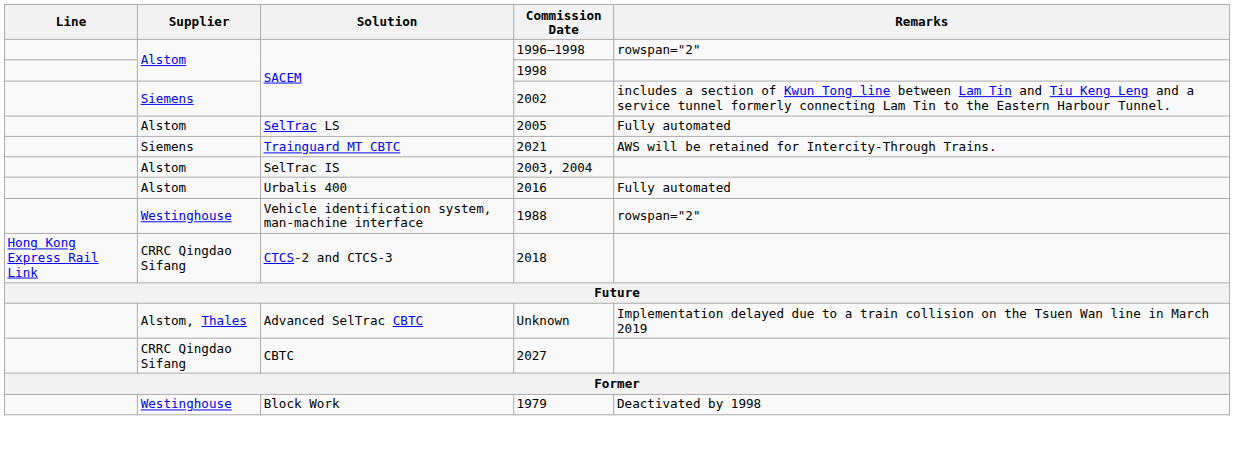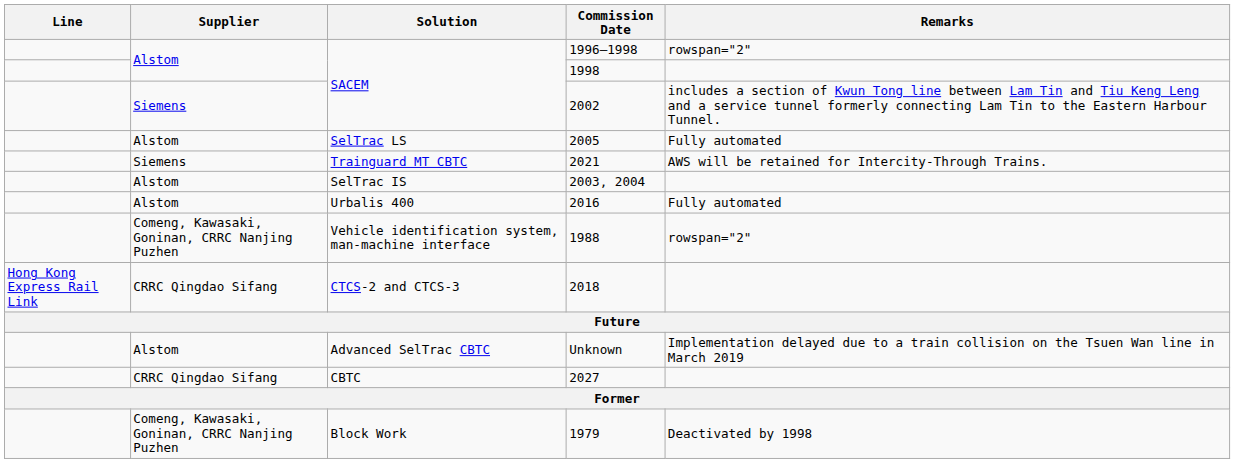 <table class="wikitable sortable" style="width:100%">
 <tr>
 <th>Line</th>
 <th>Supplier</th>
 <th>Solution</th>
 <th>Commission Date</th>
 <th>Remarks</th>
 </tr>
 <tr>
 <td>  </td>
 <td rowspan="2"><a href='#'>Alstom</a></td>
 <td rowspan="3"><a href='#'>SACEM</a></td>
 <td>1996–1998</td>
 <td>rowspan="2" </td>
 </tr>
 <tr>
 <td> </td>
 <td>1998</td>
 </tr>
 <tr>
 <td></td>
 <td><a href='#'>Siemens</a></td>
 <td>2002</td>
 <td>includes a section of <a href='#'>Kwun Tong line</a> between <a href='#'>Lam Tin</a> and <a href='#'>Tiu Keng Leng</a> and a service tunnel formerly connecting Lam Tin to the Eastern Harbour Tunnel.</td>
 </tr>
 <tr>
 <td></td>
 <td>Alstom</td>
 <td><a href='#'>SelTrac</a> LS</td>
 <td>2005</td>
 <td>Fully automated</td>
 </tr>
 <tr>
 <td></td>
 <td>Siemens</td>
 <td><a href='#'>Trainguard MT CBTC</a></td>
 <td>2021</td>
 <td>AWS will be retained for Intercity-Through Trains.</td>
 </tr>
 <tr>
 <td></td>
 <td>Alstom</td>
 <td>SelTrac IS</td>
 <td>2003, 2004</td>
 <td></td>
 </tr>
 <tr>
 <td></td>
 <td>Alstom</td>
 <td>Urbalis 400</td>
 <td>2016</td>
 <td>Fully automated</td>
 </tr>
 <tr>
 <td></td>
-<td><a href='#'>Westinghouse</a></td>
+<td>Comeng, Kawasaki, Goninan, CRRC Nanjing Puzhen</td>
 <td>Vehicle identification system, man-machine interface</td>
 <td>1988</td>
 <td>rowspan="2" </td>
 </tr>
 <tr>
 <td><a href='#'>Hong Kong Express Rail Link</a></td>
 <td>CRRC Qingdao Sifang</td>
 <td><a href='#'>CTCS</a>-2 and CTCS-3</td>
 <td>2018</td>
 </tr>
 <tr>
 <th colspan="5">Future</th>
 </tr>
 <tr>
 <td>     </td>
-<td>Alstom, <a href='#'>Thales</a></td>
+<td>Alstom</td>
 <td>Advanced SelTrac <a href='#'>CBTC</a></td>
 <td>Unknown</td>
 <td>Implementation delayed due to a train collision on the Tsuen Wan line in March 2019</td>
 </tr>
 <tr>
 <td></td>
 <td>CRRC Qingdao Sifang</td>
 <td>CBTC</td>
 <td>2027</td>
 <td></td>
 </tr>
 <tr>
 <th colspan="5">Former</th>
 </tr>
 <tr>
 <td>  </td>
-<td><a href='#'>Westinghouse</a></td>
+<td>Comeng, Kawasaki, Goninan, CRRC Nanjing Puzhen</td>
 <td>Block Work</td>
 <td>1979</td>
 <td>Deactivated by 1998</td>
 </tr>
 </table>
